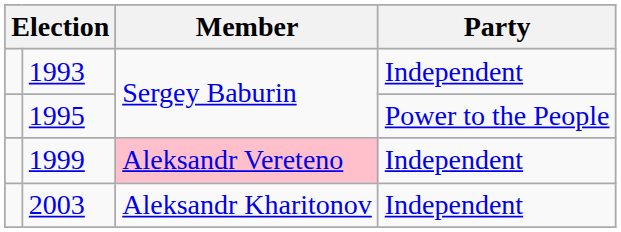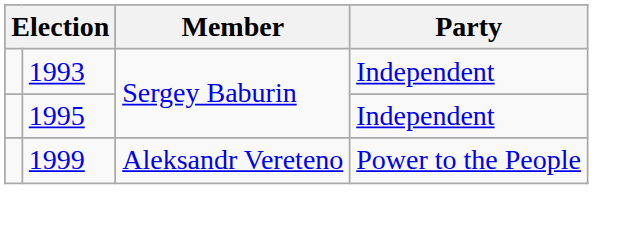 <table class="wikitable">
 <tr>
 <th colspan="2">Election</th>
 <th>Member</th>
 <th>Party</th>
 </tr>
 <tr>
 <td style="background-color:"></td>
 <td><a href='#'>1993</a></td>
 <td rowspan=2><a href='#'>Sergey Baburin</a></td>
 <td><a href='#'>Independent</a></td>
 </tr>
 <tr>
 <td style="background-color:"></td>
 <td><a href='#'>1995</a></td>
-<td><a href='#'>Power to the People</a></td>
+<td><a href='#'>Independent</a></td>
 </tr>
 <tr>
 <td style="background-color:"></td>
 <td><a href='#'>1999</a></td>
-<td style="background: pink;"><a href='#'>Aleksandr Vereteno</a></td>
-<td><a href='#'>Independent</a></td>
-</tr>
-<tr>
-<td style="background-color:"></td>
-<td><a href='#'>2003</a></td>
-<td><a href='#'>Aleksandr Kharitonov</a></td>
-<td><a href='#'>Independent</a></td>
+<td><a href='#'>Aleksandr Vereteno</a></td>
+<td><a href='#'>Power to the People</a></td>
 </tr>
 </table>
